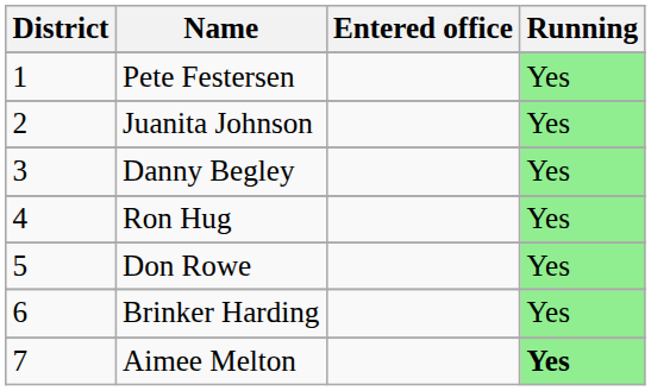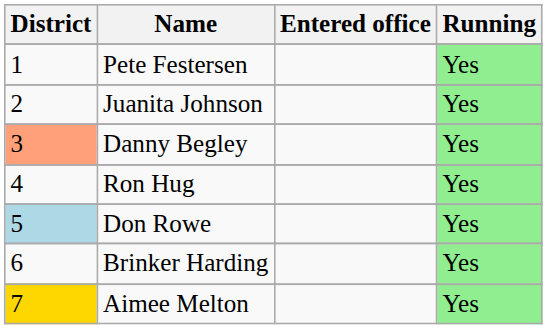 <table class="wikitable sortable">
 <tr>
 <th>District</th>
 <th>Name</th>
 <th>Entered office</th>
 <th>Running</th>
 </tr>
 <tr>
 </tr>
 <tr>
 <td>1</td>
 <td>Pete Festersen</td>
 <td></td>
 <td bgcolor=lightgreen>Yes</td>
 </tr>
 <tr>
 </tr>
 <tr>
 <td>2</td>
 <td>Juanita Johnson</td>
 <td></td>
 <td bgcolor=lightgreen>Yes</td>
 </tr>
 <tr>
 </tr>
 <tr>
-<td>3</td>
+<td style="background: lightsalmon;">3</td>
 <td>Danny Begley</td>
 <td></td>
 <td bgcolor=lightgreen>Yes</td>
 </tr>
 <tr>
 </tr>
 <tr>
 <td>4</td>
 <td>Ron Hug</td>
 <td></td>
 <td bgcolor=lightgreen>Yes</td>
 </tr>
 <tr>
 </tr>
 <tr>
-<td>5</td>
+<td style="background: lightblue;">5</td>
 <td>Don Rowe</td>
 <td></td>
 <td bgcolor=lightgreen>Yes</td>
 </tr>
 <tr>
 </tr>
 <tr>
 <td>6</td>
 <td>Brinker Harding</td>
 <td></td>
 <td bgcolor=lightgreen>Yes</td>
 </tr>
 <tr>
 </tr>
 <tr>
-<td>7</td>
+<td style="background: gold;">7</td>
 <td>Aimee Melton</td>
 <td></td>
-<td bgcolor=lightgreen><strong>Yes</strong></td>
+<td bgcolor=lightgreen>Yes</td>
 </tr>
 </table>
